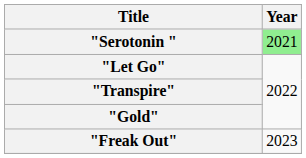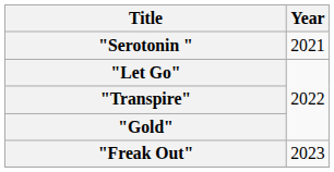 <table class="wikitable plainrowheaders" style="text-align:center;">
 <tr>
 <th scope="col" style="width:16em;">Title</th>
 <th scope="col">Year</th>
 </tr>
 <tr>
 <th scope="row">"Serotonin "</th>
-<td style="background: lightgreen;">2021</td>
+<td>2021</td>
 </tr>
 <tr>
 <th scope="row">"Let Go"</th>
 <td rowspan="3">2022</td>
 </tr>
 <tr>
 <th scope="row">"Transpire"</th>
 </tr>
 <tr>
 <th scope="row">"Gold"</th>
 </tr>
 <tr>
 <th scope="row">"Freak Out"</th>
 <td>2023</td>
 </tr>
 <tr>
 </tr>
 </table>
